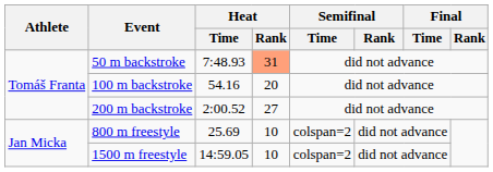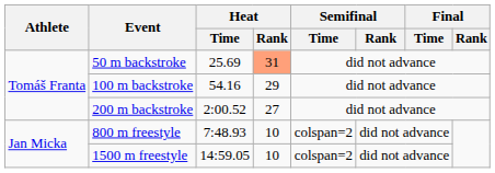 <table class="wikitable" style="text-align:center; font-size:90%">
 <tr>
 <th rowspan="2">Athlete</th>
 <th rowspan="2">Event</th>
 <th colspan="2">Heat</th>
 <th colspan="2">Semifinal</th>
 <th colspan="2">Final</th>
 </tr>
 <tr style="font-size:95%">
 <th>Time</th>
 <th>Rank</th>
 <th>Time</th>
 <th>Rank</th>
 <th>Time</th>
 <th>Rank</th>
 </tr>
 <tr>
 <td align=left rowspan=3><a href='#'>Tomáš Franta</a></td>
 <td align=left><a href='#'>50 m backstroke</a></td>
-<td>7:48.93</td>
+<td>25.69</td>
 <td style="background: lightsalmon;">31</td>
 <td colspan=4>did not advance</td>
 </tr>
 <tr>
 <td align=left><a href='#'>100 m backstroke</a></td>
 <td>54.16</td>
-<td>20</td>
+<td>29</td>
 <td colspan=4>did not advance</td>
 </tr>
 <tr>
 <td align=left><a href='#'>200 m backstroke</a></td>
 <td>2:00.52</td>
 <td>27</td>
 <td colspan=4>did not advance</td>
 </tr>
 <tr>
 <td align=left rowspan=2><a href='#'>Jan Micka</a></td>
 <td align=left><a href='#'>800 m freestyle</a></td>
-<td>25.69</td>
+<td>7:48.93</td>
 <td>10</td>
 <td>colspan=2 </td>
 <td colspan=2>did not advance</td>
 </tr>
 <tr>
 <td align=left><a href='#'>1500 m freestyle</a></td>
 <td>14:59.05</td>
 <td>10</td>
 <td>colspan=2 </td>
 <td colspan=2>did not advance</td>
 </tr>
 </table>
